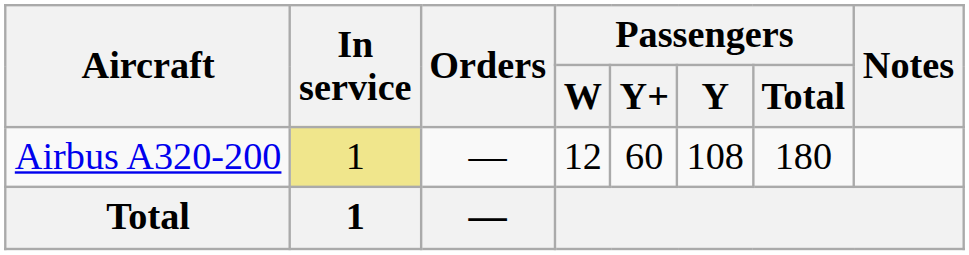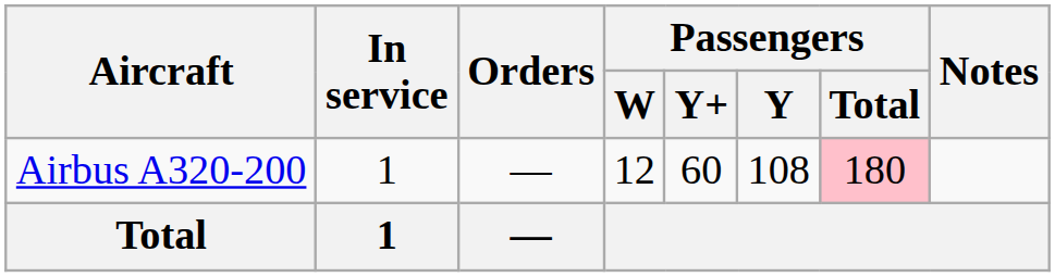 <table class="wikitable" style="margin:0.5em auto; text-align:center">
 <tr>
 <th rowspan=2>Aircraft</th>
 <th rowspan=2>In <br> service</th>
 <th rowspan=2>Orders</th>
 <th colspan=4>Passengers</th>
 <th rowspan=2>Notes</th>
 </tr>
 <tr>
 <th><abbr>W</abbr></th>
 <th><abbr>Y+</abbr></th>
 <th><abbr>Y</abbr></th>
 <th>Total</th>
 </tr>
 <tr>
 <td><a href='#'>Airbus A320-200</a></td>
-<td style="background: khaki;">1</td>
+<td>1</td>
 <td>—</td>
 <td>12</td>
 <td>60</td>
 <td>108</td>
-<td>180</td>
+<td style="background: pink;">180</td>
 <td></td>
 </tr>
 <tr>
 <th>Total</th>
 <th>1</th>
 <th>—</th>
 <th colspan=5></th>
 </tr>
 </table>
